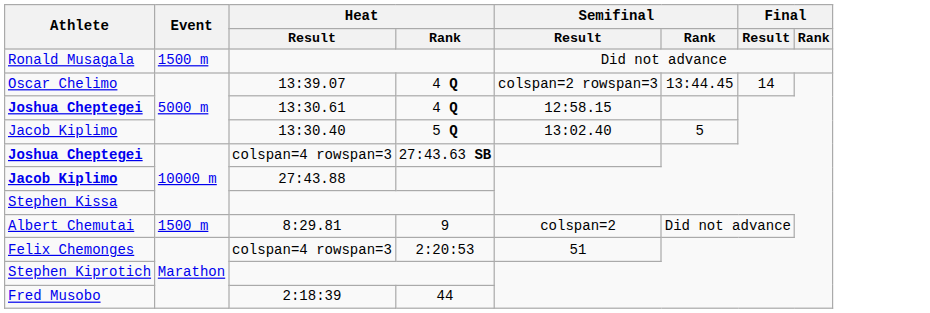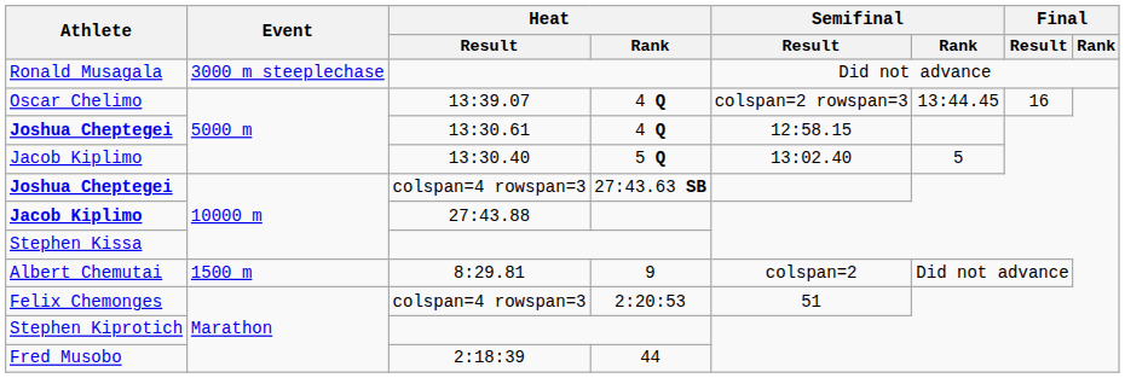 <table class="wikitable" style="font-size:90%">
 <tr>
 <th rowspan="2">Athlete</th>
 <th rowspan="2">Event</th>
 <th colspan="2">Heat</th>
 <th colspan="2">Semifinal</th>
 <th colspan="2">Final</th>
 </tr>
 <tr style="font-size:95%">
 <th>Result</th>
 <th>Rank</th>
 <th>Result</th>
 <th>Rank</th>
 <th>Result</th>
 <th>Rank</th>
 </tr>
 <tr align=center>
 <td align=left><a href='#'>Ronald Musagala</a></td>
-<td align=left><a href='#'>1500 m</a></td>
+<td align=left><a href='#'>3000 m steeplechase</a></td>
 <td colspan=2></td>
 <td colspan=4>Did not advance</td>
 </tr>
 <tr align="center">
 <td align="left"><a href='#'>Oscar Chelimo</a></td>
 <td rowspan="3" align="left"><a href='#'>5000 m</a></td>
 <td>13:39.07</td>
 <td>4 <strong>Q</strong></td>
 <td>colspan=2 rowspan=3 </td>
 <td>13:44.45</td>
-<td>14</td>
+<td>16</td>
 </tr>
 <tr align="center">
 <td align="left"><strong><a href='#'>Joshua Cheptegei</a></strong></td>
 <td>13:30.61</td>
 <td>4 <strong>Q</strong></td>
 <td>12:58.15</td>
 <td></td>
 </tr>
 <tr align="center">
 <td align="left"><a href='#'>Jacob Kiplimo</a></td>
 <td>13:30.40</td>
 <td>5 <strong>Q</strong></td>
 <td>13:02.40</td>
 <td>5</td>
 </tr>
 <tr align="center">
 <td align=left><strong><a href='#'>Joshua Cheptegei</a></strong></td>
 <td rowspan="3" align="left"><a href='#'>10000 m</a></td>
 <td>colspan=4 rowspan=3 </td>
 <td>27:43.63 <strong>SB</strong></td>
 <td></td>
 </tr>
 <tr align="center">
 <td align=left><strong><a href='#'>Jacob Kiplimo</a></strong></td>
 <td>27:43.88</td>
 <td></td>
 </tr>
 <tr align="center">
 <td align="left"><a href='#'>Stephen Kissa</a></td>
 <td colspan=2></td>
 </tr>
 <tr align=center>
 <td align=left><a href='#'>Albert Chemutai</a></td>
 <td align=left><a href='#'>1500 m</a></td>
 <td>8:29.81</td>
 <td>9</td>
 <td>colspan=2 </td>
 <td colspan=2>Did not advance</td>
 </tr>
 <tr align=center>
 <td align=left><a href='#'>Felix Chemonges</a></td>
 <td align=left rowspan=3><a href='#'>Marathon</a></td>
 <td>colspan=4 rowspan=3 </td>
 <td>2:20:53</td>
 <td>51</td>
 </tr>
 <tr align=center>
 <td align=left><a href='#'>Stephen Kiprotich</a></td>
 <td colspan=2></td>
 </tr>
 <tr align=center>
 <td align=left><a href='#'>Fred Musobo</a></td>
 <td>2:18:39</td>
 <td>44</td>
 </tr>
 </table>
